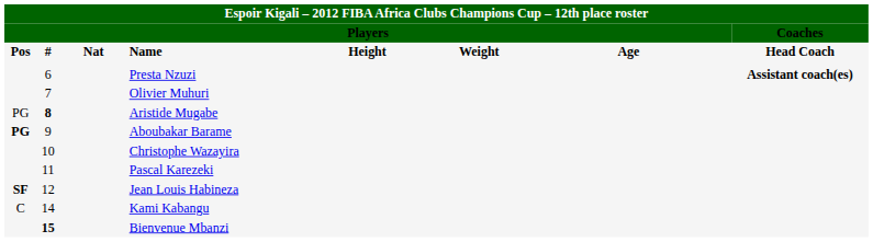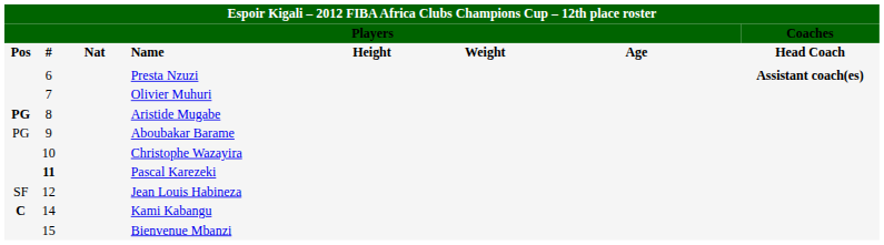 <table border=0 cellpadding=2 cellspacing=0  |- bgcolor=#f5f5f5 style="text-align:center; font-size:90%;" width=75%>
 <tr>
 <td colspan="8" style="background: #006400; color: white"><strong>Espoir Kigali – 2012 FIBA Africa Clubs Champions Cup – 12th place roster</strong></td>
 </tr>
 <tr>
 <td colspan="7" style="background: #006400; color: black"><strong>Players</strong></td>
 <td style="background: #006400; color: black"><strong>Coaches</strong></td>
 </tr>
 <tr style="background=#f5f5f5; color: black">
 <th width=5px>Pos</th>
 <th width=5px>#</th>
 <th width=50px>Nat</th>
 <th width=135px align=left>Name</th>
 <th width=100px>Height</th>
 <th width=70px>Weight</th>
 <th width=160px>Age</th>
 <th width=105px>Head Coach</th>
 </tr>
 <tr>
 <td></td>
 <td></td>
 <td></td>
 <td align=left></td>
 <td></td>
 <td></td>
 <td></td>
 <td></td>
 </tr>
 <tr>
 <td></td>
 <td>6</td>
 <td></td>
 <td align=left><a href='#'>Presta Nzuzi</a></td>
 <td></td>
 <td></td>
 <td><span></span></td>
 <td><strong>Assistant coach(es)</strong></td>
 </tr>
 <tr>
 <td></td>
 <td>7</td>
 <td></td>
 <td align=left><a href='#'>Olivier Muhuri</a></td>
 <td></td>
 <td></td>
 <td></td>
 </tr>
 <tr>
-<td>PG</td>
-<td><strong>8</strong></td>
+<td><strong>PG</strong></td>
+<td>8</td>
 <td></td>
 <td align=left><a href='#'>Aristide Mugabe</a></td>
 <td><span></span></td>
 <td></td>
 <td><span></span></td>
 </tr>
 <tr>
-<td><strong>PG</strong></td>
+<td>PG</td>
 <td>9</td>
 <td></td>
 <td align=left><a href='#'>Aboubakar Barame</a></td>
 <td><span></span></td>
 <td></td>
 <td><span></span></td>
 </tr>
 <tr>
 <td></td>
 <td>10</td>
 <td></td>
 <td align=left><a href='#'>Christophe Wazayira</a></td>
 <td></td>
 <td></td>
 <td><span></span></td>
 </tr>
 <tr>
 <td></td>
-<td>11</td>
+<td><strong>11</strong></td>
 <td></td>
 <td align=left><a href='#'>Pascal Karezeki</a></td>
 <td></td>
 <td></td>
 <td></td>
 </tr>
 <tr>
-<td><strong>SF</strong></td>
+<td>SF</td>
 <td>12</td>
 <td></td>
 <td align=left><a href='#'>Jean Louis Habineza</a></td>
 <td><span></span></td>
 <td></td>
 <td><span></span></td>
 </tr>
 <tr>
-<td>C</td>
+<td><strong>C</strong></td>
 <td>14</td>
 <td></td>
 <td align=left><a href='#'>Kami Kabangu</a></td>
 <td><span></span></td>
 <td></td>
 <td><span></span></td>
 </tr>
 <tr>
 <td></td>
-<td><strong>15</strong></td>
+<td>15</td>
 <td></td>
 <td align=left><a href='#'>Bienvenue Mbanzi</a></td>
 <td></td>
 <td></td>
 <td><span></span></td>
 </tr>
 </table>
